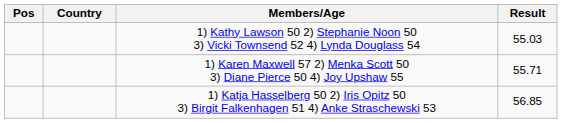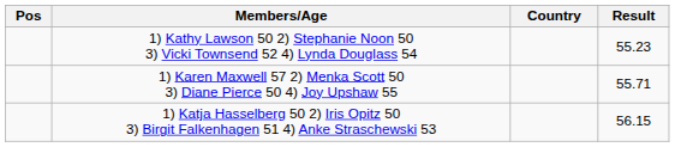 <table class="wikitable"  style="text-align:center; width:60%;">
 <tr>
 <th>Pos</th>
+<th>Members/Age</th>
 <th>Country</th>
-<th>Members/Age</th>
 <th>Result</th>
 </tr>
 <tr>
 <td align=center></td>
+<td>1) <a href='#'>Kathy Lawson</a> 50 2) <a href='#'>Stephanie Noon</a> 50<br>3) <a href='#'>Vicki Townsend</a> 52 4) <a href='#'>Lynda Douglass</a> 54</td>
 <td align=left></td>
-<td>1) <a href='#'>Kathy Lawson</a> 50 2) <a href='#'>Stephanie Noon</a> 50<br>3) <a href='#'>Vicki Townsend</a> 52 4) <a href='#'>Lynda Douglass</a> 54</td>
-<td>55.03</td>
+<td>55.23</td>
 </tr>
 <tr>
 <td align=center></td>
+<td>1) <a href='#'>Karen Maxwell</a> 57 2) <a href='#'>Menka Scott</a> 50<br>3) <a href='#'>Diane Pierce</a> 50 4) <a href='#'>Joy Upshaw</a> 55</td>
 <td align=left></td>
-<td>1) <a href='#'>Karen Maxwell</a> 57 2) <a href='#'>Menka Scott</a> 50<br>3) <a href='#'>Diane Pierce</a> 50 4) <a href='#'>Joy Upshaw</a> 55</td>
 <td>55.71</td>
 </tr>
 <tr>
 <td align=center></td>
+<td>1) <a href='#'>Katja Hasselberg</a> 50 2) <a href='#'>Iris Opitz</a> 50<br>3) <a href='#'>Birgit Falkenhagen</a> 51 4) <a href='#'>Anke Straschewski</a>  53</td>
 <td align=left></td>
-<td>1) <a href='#'>Katja Hasselberg</a> 50 2) <a href='#'>Iris Opitz</a> 50<br>3) <a href='#'>Birgit Falkenhagen</a> 51 4) <a href='#'>Anke Straschewski</a>  53</td>
-<td>56.85</td>
+<td>56.15</td>
 </tr>
 </table>
